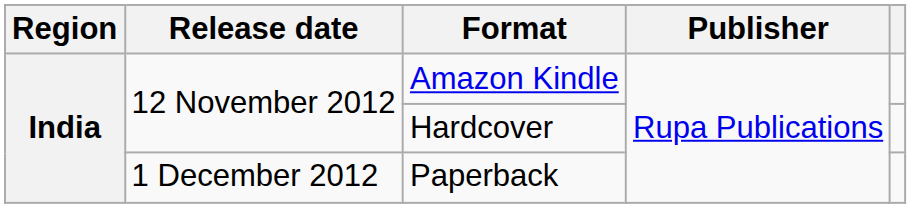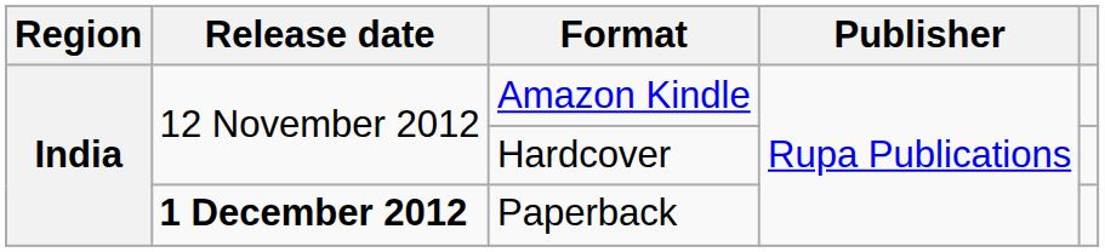 <table class="wikitable sortable plainrowheaders">
 <tr>
 <th scope="col">Region</th>
 <th scope="col">Release date</th>
 <th scope="col">Format</th>
 <th scope="col">Publisher</th>
 <th scope="col" class="unsortable"></th>
 </tr>
 <tr>
 <th scope="row" rowspan="3">India</th>
 <td rowspan="2">12 November 2012</td>
 <td><a href='#'>Amazon Kindle</a></td>
 <td rowspan="3"><a href='#'>Rupa Publications</a></td>
 <td style="text-align: center;"></td>
 </tr>
 <tr>
 <td>Hardcover</td>
 <td style="text-align: center;"></td>
 </tr>
 <tr>
-<td>1 December 2012</td>
+<td><strong>1 December 2012</strong></td>
 <td>Paperback</td>
 <td style="text-align: center;"></td>
 </tr>
 </table>
